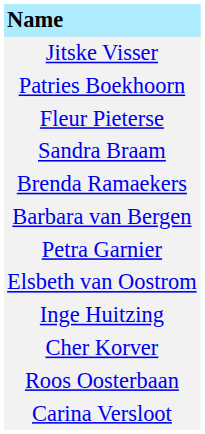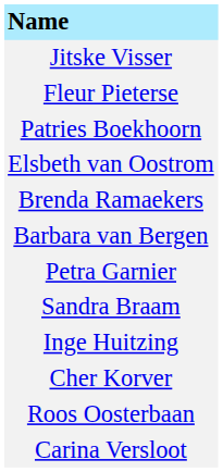 <table border=0 cellpadding=2 cellspacing=0  |- bgcolor=#F2F2F2 style="text-align:center; font-size:90%;">
 <tr bgcolor=#ADEBFD>
 <th align=left>Name</th>
 </tr>
 <tr>
 <td><a href='#'>Jitske Visser</a></td>
 </tr>
 <tr>
+<td><a href='#'>Fleur Pieterse</a></td>
+</tr>
+<tr>
 <td><a href='#'>Patries Boekhoorn</a></td>
 </tr>
 <tr>
-<td><a href='#'>Fleur Pieterse</a></td>
-</tr>
-<tr>
-<td><a href='#'>Sandra Braam</a></td>
+<td><a href='#'>Elsbeth van Oostrom</a></td>
 </tr>
 <tr>
 <td><a href='#'>Brenda Ramaekers</a></td>
 </tr>
 <tr>
 <td><a href='#'>Barbara van Bergen</a></td>
 </tr>
 <tr>
 <td><a href='#'>Petra Garnier</a></td>
 </tr>
 <tr>
-<td><a href='#'>Elsbeth van Oostrom</a></td>
+<td><a href='#'>Sandra Braam</a></td>
 </tr>
 <tr>
 <td><a href='#'>Inge Huitzing</a></td>
 </tr>
 <tr>
 <td><a href='#'>Cher Korver</a></td>
 </tr>
 <tr>
 <td><a href='#'>Roos Oosterbaan</a></td>
 </tr>
 <tr>
 <td><a href='#'>Carina Versloot</a></td>
 </tr>
 </table>
